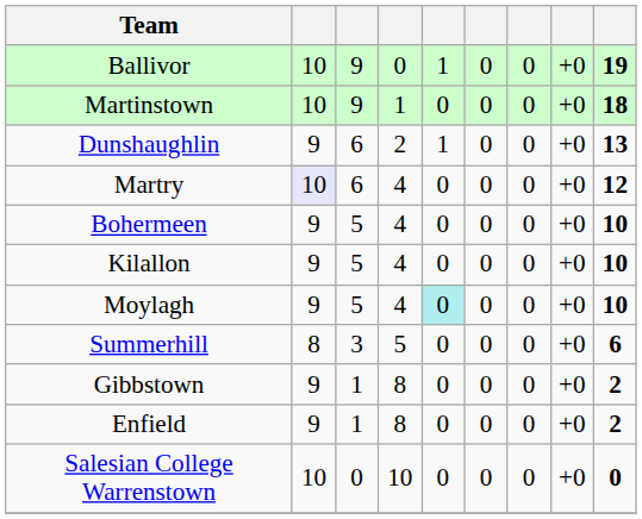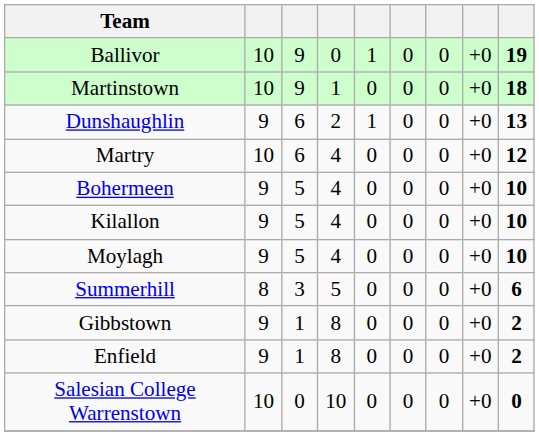 <table class="wikitable" style="text-align:center">
 <tr>
 <th width="175">Team</th>
 <th width="20"></th>
 <th width="20"></th>
 <th width="20"></th>
 <th width="20"></th>
 <th width="20"></th>
 <th width="20"></th>
 <th width="20"></th>
 <th width="20"></th>
 </tr>
 <tr style="background:#cfc;">
 <td>Ballivor</td>
 <td>10</td>
 <td>9</td>
 <td>0</td>
 <td>1</td>
 <td>0</td>
 <td>0</td>
 <td>+0</td>
 <td><strong>19</strong></td>
 </tr>
 <tr style="background:#cfc;">
 <td>Martinstown</td>
 <td>10</td>
 <td>9</td>
 <td>1</td>
 <td>0</td>
 <td>0</td>
 <td>0</td>
 <td>+0</td>
 <td><strong>18</strong></td>
 </tr>
 <tr>
 <td><a href='#'>Dunshaughlin</a></td>
 <td>9</td>
 <td>6</td>
 <td>2</td>
 <td>1</td>
 <td>0</td>
 <td>0</td>
 <td>+0</td>
 <td><strong>13</strong></td>
 </tr>
 <tr>
 <td>Martry</td>
-<td style="background: lavender;">10</td>
+<td>10</td>
 <td>6</td>
 <td>4</td>
 <td>0</td>
 <td>0</td>
 <td>0</td>
 <td>+0</td>
 <td><strong>12</strong></td>
 </tr>
 <tr>
 <td><a href='#'>Bohermeen</a></td>
 <td>9</td>
 <td>5</td>
 <td>4</td>
 <td>0</td>
 <td>0</td>
 <td>0</td>
 <td>+0</td>
 <td><strong>10</strong></td>
 </tr>
 <tr>
 <td>Kilallon</td>
 <td>9</td>
 <td>5</td>
 <td>4</td>
 <td>0</td>
 <td>0</td>
 <td>0</td>
 <td>+0</td>
 <td><strong>10</strong></td>
 </tr>
 <tr>
 <td>Moylagh</td>
 <td>9</td>
 <td>5</td>
 <td>4</td>
-<td style="background: paleturquoise;">0</td>
+<td>0</td>
 <td>0</td>
 <td>0</td>
 <td>+0</td>
 <td><strong>10</strong></td>
 </tr>
 <tr>
 <td><a href='#'>Summerhill</a></td>
 <td>8</td>
 <td>3</td>
 <td>5</td>
 <td>0</td>
 <td>0</td>
 <td>0</td>
 <td>+0</td>
 <td><strong>6</strong></td>
 </tr>
 <tr>
 <td>Gibbstown</td>
 <td>9</td>
 <td>1</td>
 <td>8</td>
 <td>0</td>
 <td>0</td>
 <td>0</td>
 <td>+0</td>
 <td><strong>2</strong></td>
 </tr>
 <tr>
 <td>Enfield</td>
 <td>9</td>
 <td>1</td>
 <td>8</td>
 <td>0</td>
 <td>0</td>
 <td>0</td>
 <td>+0</td>
 <td><strong>2</strong></td>
 </tr>
 <tr>
 <td><a href='#'>Salesian College Warrenstown</a></td>
 <td>10</td>
 <td>0</td>
 <td>10</td>
 <td>0</td>
 <td>0</td>
 <td>0</td>
 <td>+0</td>
 <td><strong>0</strong></td>
 </tr>
 <tr>
 </tr>
 </table>
